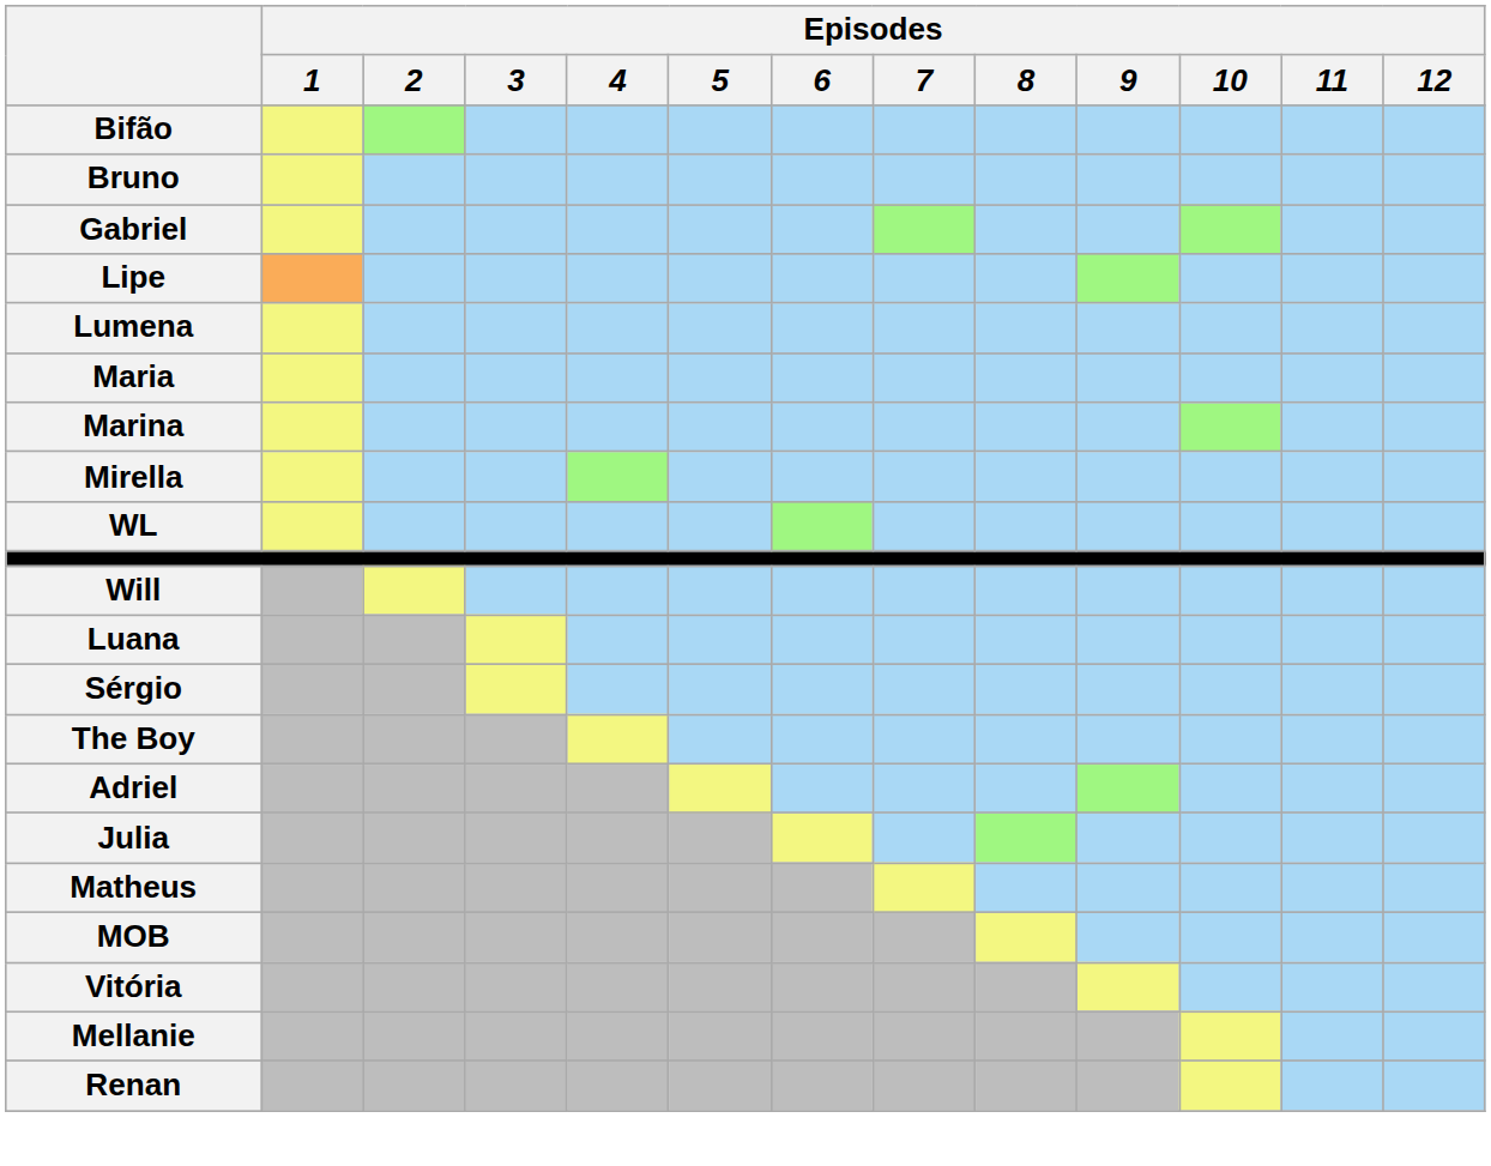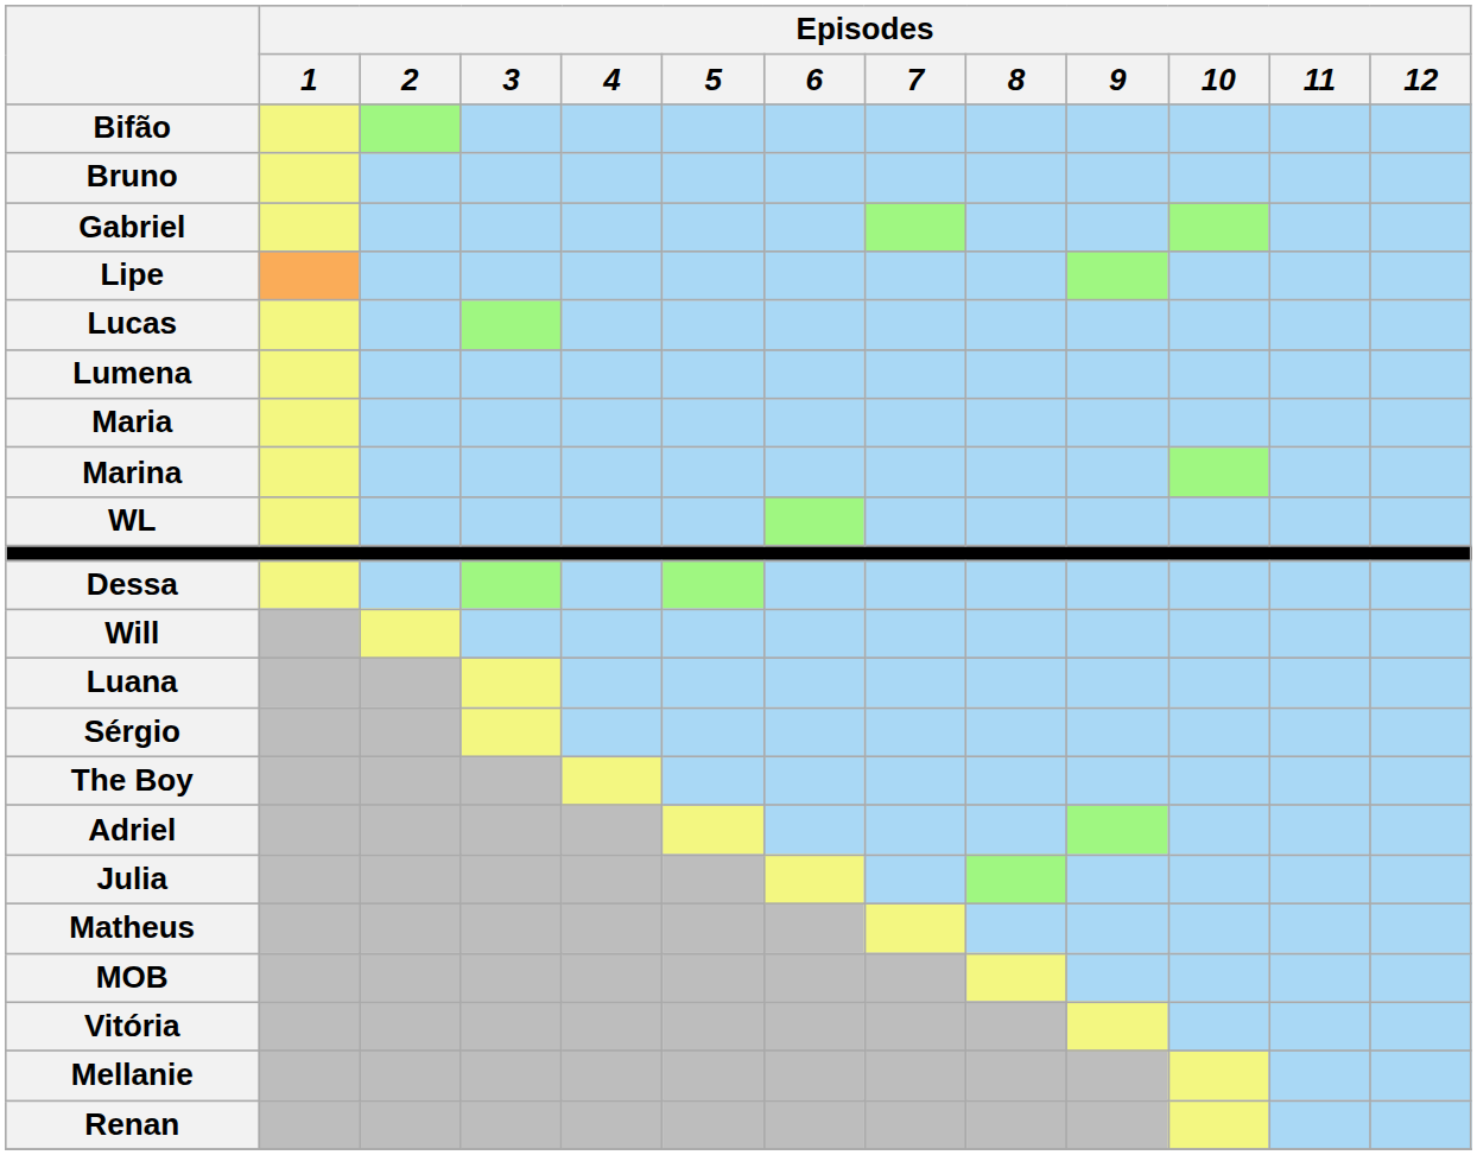 <table class="wikitable" style="text-align:center; font-size:100%; width: 60%">
 <tr>
 <th rowspan="02" width="15%"></th>
 <th colspan="12">Episodes</th>
 </tr>
 <tr>
 <th width="6%"><em>1</em></th>
 <th width="6%"><em>2</em></th>
 <th width="6%"><em>3</em></th>
 <th width="6%"><em>4</em></th>
 <th width="6%"><em>5</em></th>
 <th width="6%"><em>6</em></th>
 <th width="6%"><em>7</em></th>
 <th width="6%"><em>8</em></th>
 <th width="6%"><em>9</em></th>
 <th width="6%"><em>10</em></th>
 <th width="6%"><em>11</em></th>
 <th width="6%"><em>12</em></th>
 </tr>
 <tr>
 <th>Bifão</th>
 <td bgcolor="F3F781"></td>
 <td bgcolor="9FF781"></td>
 <td bgcolor="A9D8F5"></td>
 <td bgcolor="A9D8F5"></td>
 <td bgcolor="A9D8F5"></td>
 <td bgcolor="A9D8F5"></td>
 <td bgcolor="A9D8F5"></td>
 <td bgcolor="A9D8F5"></td>
 <td bgcolor="A9D8F5"></td>
 <td bgcolor="A9D8F5"></td>
 <td bgcolor="A9D8F5"></td>
 <td bgcolor="A9D8F5"></td>
 </tr>
 <tr>
 <th>Bruno</th>
 <td bgcolor="F3F781"></td>
 <td bgcolor="A9D8F5"></td>
 <td bgcolor="A9D8F5"></td>
 <td bgcolor="A9D8F5"></td>
 <td bgcolor="A9D8F5"></td>
 <td bgcolor="A9D8F5"></td>
 <td bgcolor="A9D8F5"></td>
 <td bgcolor="A9D8F5"></td>
 <td bgcolor="A9D8F5"></td>
 <td bgcolor="A9D8F5"></td>
 <td bgcolor="A9D8F5"></td>
 <td bgcolor="A9D8F5"></td>
 </tr>
 <tr>
 <th>Gabriel</th>
 <td bgcolor="F3F781"></td>
 <td bgcolor="A9D8F5"></td>
 <td bgcolor="A9D8F5"></td>
 <td bgcolor="A9D8F5"></td>
 <td bgcolor="A9D8F5"></td>
 <td bgcolor="A9D8F5"></td>
 <td bgcolor="9FF781"></td>
 <td bgcolor="A9D8F5"></td>
 <td bgcolor="A9D8F5"></td>
 <td bgcolor="9FF781"></td>
 <td bgcolor="A9D8F5"></td>
 <td bgcolor="A9D8F5"></td>
 </tr>
 <tr>
 <th>Lipe</th>
 <td bgcolor="FAAC58"></td>
 <td bgcolor="A9D8F5"></td>
 <td bgcolor="A9D8F5"></td>
 <td bgcolor="A9D8F5"></td>
 <td bgcolor="A9D8F5"></td>
 <td bgcolor="A9D8F5"></td>
 <td bgcolor="A9D8F5"></td>
 <td bgcolor="A9D8F5"></td>
 <td bgcolor="9FF781"></td>
 <td bgcolor="A9D8F5"></td>
 <td bgcolor="A9D8F5"></td>
 <td bgcolor="A9D8F5"></td>
 </tr>
 <tr>
+<th>Lucas</th>
+<td bgcolor="F3F781"></td>
+<td bgcolor="A9D8F5"></td>
+<td bgcolor="9FF781"></td>
+<td bgcolor="A9D8F5"></td>
+<td bgcolor="A9D8F5"></td>
+<td bgcolor="A9D8F5"></td>
+<td bgcolor="A9D8F5"></td>
+<td bgcolor="A9D8F5"></td>
+<td bgcolor="A9D8F5"></td>
+<td bgcolor="A9D8F5"></td>
+<td bgcolor="A9D8F5"></td>
+<td bgcolor="A9D8F5"></td>
+</tr>
+<tr>
 <th>Lumena</th>
 <td bgcolor="F3F781"></td>
 <td bgcolor="A9D8F5"></td>
 <td bgcolor="A9D8F5"></td>
 <td bgcolor="A9D8F5"></td>
 <td bgcolor="A9D8F5"></td>
 <td bgcolor="A9D8F5"></td>
 <td bgcolor="A9D8F5"></td>
 <td bgcolor="A9D8F5"></td>
 <td bgcolor="A9D8F5"></td>
 <td bgcolor="A9D8F5"></td>
 <td bgcolor="A9D8F5"></td>
 <td bgcolor="A9D8F5"></td>
 </tr>
 <tr>
 <th>Maria</th>
 <td bgcolor="F3F781"></td>
 <td bgcolor="A9D8F5"></td>
 <td bgcolor="A9D8F5"></td>
 <td bgcolor="A9D8F5"></td>
 <td bgcolor="A9D8F5"></td>
 <td bgcolor="A9D8F5"></td>
 <td bgcolor="A9D8F5"></td>
 <td bgcolor="A9D8F5"></td>
 <td bgcolor="A9D8F5"></td>
 <td bgcolor="A9D8F5"></td>
 <td bgcolor="A9D8F5"></td>
 <td bgcolor="A9D8F5"></td>
 </tr>
 <tr>
 <th>Marina</th>
 <td bgcolor="F3F781"></td>
 <td bgcolor="A9D8F5"></td>
 <td bgcolor="A9D8F5"></td>
 <td bgcolor="A9D8F5"></td>
 <td bgcolor="A9D8F5"></td>
 <td bgcolor="A9D8F5"></td>
 <td bgcolor="A9D8F5"></td>
 <td bgcolor="A9D8F5"></td>
 <td bgcolor="A9D8F5"></td>
 <td bgcolor="9FF781"></td>
 <td bgcolor="A9D8F5"></td>
 <td bgcolor="A9D8F5"></td>
 </tr>
 <tr>
-<th>Mirella</th>
-<td bgcolor="F3F781"></td>
-<td bgcolor="A9D8F5"></td>
-<td bgcolor="A9D8F5"></td>
-<td bgcolor="9FF781"></td>
-<td bgcolor="A9D8F5"></td>
-<td bgcolor="A9D8F5"></td>
-<td bgcolor="A9D8F5"></td>
-<td bgcolor="A9D8F5"></td>
-<td bgcolor="A9D8F5"></td>
-<td bgcolor="A9D8F5"></td>
-<td bgcolor="A9D8F5"></td>
-<td bgcolor="A9D8F5"></td>
-</tr>
-<tr>
 <th>WL</th>
 <td bgcolor="F3F781"></td>
 <td bgcolor="A9D8F5"></td>
 <td bgcolor="A9D8F5"></td>
 <td bgcolor="A9D8F5"></td>
 <td bgcolor="A9D8F5"></td>
 <td bgcolor="9FF781"></td>
 <td bgcolor="A9D8F5"></td>
 <td bgcolor="A9D8F5"></td>
 <td bgcolor="A9D8F5"></td>
 <td bgcolor="A9D8F5"></td>
 <td bgcolor="A9D8F5"></td>
 <td bgcolor="A9D8F5"></td>
 </tr>
 <tr>
 <td colspan="13" bgcolor="000000"></td>
+</tr>
+<tr>
+<th>Dessa</th>
+<td bgcolor="F3F781"></td>
+<td bgcolor="A9D8F5"></td>
+<td bgcolor="9FF781"></td>
+<td bgcolor="A9D8F5"></td>
+<td bgcolor="9FF781"></td>
+<td bgcolor="A9D8F5"></td>
+<td bgcolor="A9D8F5"></td>
+<td bgcolor="A9D8F5"></td>
+<td bgcolor="A9D8F5"></td>
+<td bgcolor="A9D8F5"></td>
+<td bgcolor="A9D8F5"></td>
+<td bgcolor="A9D8F5"></td>
 </tr>
 <tr>
 <th>Will</th>
 <td bgcolor="BDBDBD"></td>
 <td bgcolor="F3F781"></td>
 <td bgcolor="A9D8F5"></td>
 <td bgcolor="A9D8F5"></td>
 <td bgcolor="A9D8F5"></td>
 <td bgcolor="A9D8F5"></td>
 <td bgcolor="A9D8F5"></td>
 <td bgcolor="A9D8F5"></td>
 <td bgcolor="A9D8F5"></td>
 <td bgcolor="A9D8F5"></td>
 <td bgcolor="A9D8F5"></td>
 <td bgcolor="A9D8F5"></td>
 </tr>
 <tr>
 <th>Luana</th>
 <td bgcolor="BDBDBD"></td>
 <td bgcolor="BDBDBD"></td>
 <td bgcolor="F3F781"></td>
 <td bgcolor="A9D8F5"></td>
 <td bgcolor="A9D8F5"></td>
 <td bgcolor="A9D8F5"></td>
 <td bgcolor="A9D8F5"></td>
 <td bgcolor="A9D8F5"></td>
 <td bgcolor="A9D8F5"></td>
 <td bgcolor="A9D8F5"></td>
 <td bgcolor="A9D8F5"></td>
 <td bgcolor="A9D8F5"></td>
 </tr>
 <tr>
 <th>Sérgio</th>
 <td bgcolor="BDBDBD"></td>
 <td bgcolor="BDBDBD"></td>
 <td bgcolor="F3F781"></td>
 <td bgcolor="A9D8F5"></td>
 <td bgcolor="A9D8F5"></td>
 <td bgcolor="A9D8F5"></td>
 <td bgcolor="A9D8F5"></td>
 <td bgcolor="A9D8F5"></td>
 <td bgcolor="A9D8F5"></td>
 <td bgcolor="A9D8F5"></td>
 <td bgcolor="A9D8F5"></td>
 <td bgcolor="A9D8F5"></td>
 </tr>
 <tr>
 <th>The Boy</th>
 <td bgcolor="BDBDBD"></td>
 <td bgcolor="BDBDBD"></td>
 <td bgcolor="BDBDBD"></td>
 <td bgcolor="F3F781"></td>
 <td bgcolor="A9D8F5"></td>
 <td bgcolor="A9D8F5"></td>
 <td bgcolor="A9D8F5"></td>
 <td bgcolor="A9D8F5"></td>
 <td bgcolor="A9D8F5"></td>
 <td bgcolor="A9D8F5"></td>
 <td bgcolor="A9D8F5"></td>
 <td bgcolor="A9D8F5"></td>
 </tr>
 <tr>
 <th>Adriel</th>
 <td bgcolor="BDBDBD"></td>
 <td bgcolor="BDBDBD"></td>
 <td bgcolor="BDBDBD"></td>
 <td bgcolor="BDBDBD"></td>
 <td bgcolor="F3F781"></td>
 <td bgcolor="A9D8F5"></td>
 <td bgcolor="A9D8F5"></td>
 <td bgcolor="A9D8F5"></td>
 <td bgcolor="9FF781"></td>
 <td bgcolor="A9D8F5"></td>
 <td bgcolor="A9D8F5"></td>
 <td bgcolor="A9D8F5"></td>
 </tr>
 <tr>
 <th>Julia</th>
 <td bgcolor="BDBDBD"></td>
 <td bgcolor="BDBDBD"></td>
 <td bgcolor="BDBDBD"></td>
 <td bgcolor="BDBDBD"></td>
 <td bgcolor="BDBDBD"></td>
 <td bgcolor="F3F781"></td>
 <td bgcolor="A9D8F5"></td>
 <td bgcolor="9FF781"></td>
 <td bgcolor="A9D8F5"></td>
 <td bgcolor="A9D8F5"></td>
 <td bgcolor="A9D8F5"></td>
 <td bgcolor="A9D8F5"></td>
 </tr>
 <tr>
 <th>Matheus</th>
 <td bgcolor="BDBDBD"></td>
 <td bgcolor="BDBDBD"></td>
 <td bgcolor="BDBDBD"></td>
 <td bgcolor="BDBDBD"></td>
 <td bgcolor="BDBDBD"></td>
 <td bgcolor="BDBDBD"></td>
 <td bgcolor="F3F781"></td>
 <td bgcolor="A9D8F5"></td>
 <td bgcolor="A9D8F5"></td>
 <td bgcolor="A9D8F5"></td>
 <td bgcolor="A9D8F5"></td>
 <td bgcolor="A9D8F5"></td>
 </tr>
 <tr>
 <th>MOB</th>
 <td bgcolor="BDBDBD"></td>
 <td bgcolor="BDBDBD"></td>
 <td bgcolor="BDBDBD"></td>
 <td bgcolor="BDBDBD"></td>
 <td bgcolor="BDBDBD"></td>
 <td bgcolor="BDBDBD"></td>
 <td bgcolor="BDBDBD"></td>
 <td bgcolor="F3F781"></td>
 <td bgcolor="A9D8F5"></td>
 <td bgcolor="A9D8F5"></td>
 <td bgcolor="A9D8F5"></td>
 <td bgcolor="A9D8F5"></td>
 </tr>
 <tr>
 <th>Vitória</th>
 <td bgcolor="BDBDBD"></td>
 <td bgcolor="BDBDBD"></td>
 <td bgcolor="BDBDBD"></td>
 <td bgcolor="BDBDBD"></td>
 <td bgcolor="BDBDBD"></td>
 <td bgcolor="BDBDBD"></td>
 <td bgcolor="BDBDBD"></td>
 <td bgcolor="BDBDBD"></td>
 <td bgcolor="F3F781"></td>
 <td bgcolor="A9D8F5"></td>
 <td bgcolor="A9D8F5"></td>
 <td bgcolor="A9D8F5"></td>
 </tr>
 <tr>
 <th>Mellanie</th>
 <td bgcolor="BDBDBD"></td>
 <td bgcolor="BDBDBD"></td>
 <td bgcolor="BDBDBD"></td>
 <td bgcolor="BDBDBD"></td>
 <td bgcolor="BDBDBD"></td>
 <td bgcolor="BDBDBD"></td>
 <td bgcolor="BDBDBD"></td>
 <td bgcolor="BDBDBD"></td>
 <td bgcolor="BDBDBD"></td>
 <td bgcolor="F3F781"></td>
 <td bgcolor="A9D8F5"></td>
 <td bgcolor="A9D8F5"></td>
 </tr>
 <tr>
 <th>Renan</th>
 <td bgcolor="BDBDBD"></td>
 <td bgcolor="BDBDBD"></td>
 <td bgcolor="BDBDBD"></td>
 <td bgcolor="BDBDBD"></td>
 <td bgcolor="BDBDBD"></td>
 <td bgcolor="BDBDBD"></td>
 <td bgcolor="BDBDBD"></td>
 <td bgcolor="BDBDBD"></td>
 <td bgcolor="BDBDBD"></td>
 <td bgcolor="F3F781"></td>
 <td bgcolor="A9D8F5"></td>
 <td bgcolor="A9D8F5"></td>
 </tr>
 <tr>
 </tr>
 </table>
